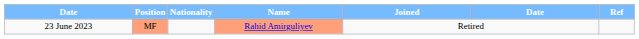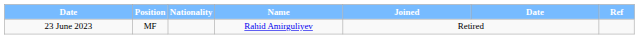 <table class="wikitable"  style="text-align:center; font-size:90%; ">
 <tr>
 <th style="background:#77BBFF; color:#FFFFFF; width:200px;">Date</th>
 <th style="background:#77BBFF; color:#FFFFFF; width:50px;">Position</th>
 <th style="background:#77BBFF; color:#FFFFFF; width:50px;">Nationality</th>
 <th style="background:#77BBFF; color:#FFFFFF; width:200px;">Name</th>
 <th style="background:#77BBFF; color:#FFFFFF; width:200px;">Joined</th>
 <th style="background:#77BBFF; color:#FFFFFF; width:200px;">Date</th>
 <th style="background:#77BBFF; color:#FFFFFF; width:50px;">Ref</th>
 </tr>
 <tr>
 <td>23 June 2023</td>
-<td style="background: lightsalmon;">MF</td>
+<td>MF</td>
 <td></td>
-<td style="background: lightsalmon;"><a href='#'>Rahid Amirguliyev</a></td>
+<td><a href='#'>Rahid Amirguliyev</a></td>
 <td colspan="2">Retired</td>
 <td></td>
 </tr>
 </table>
